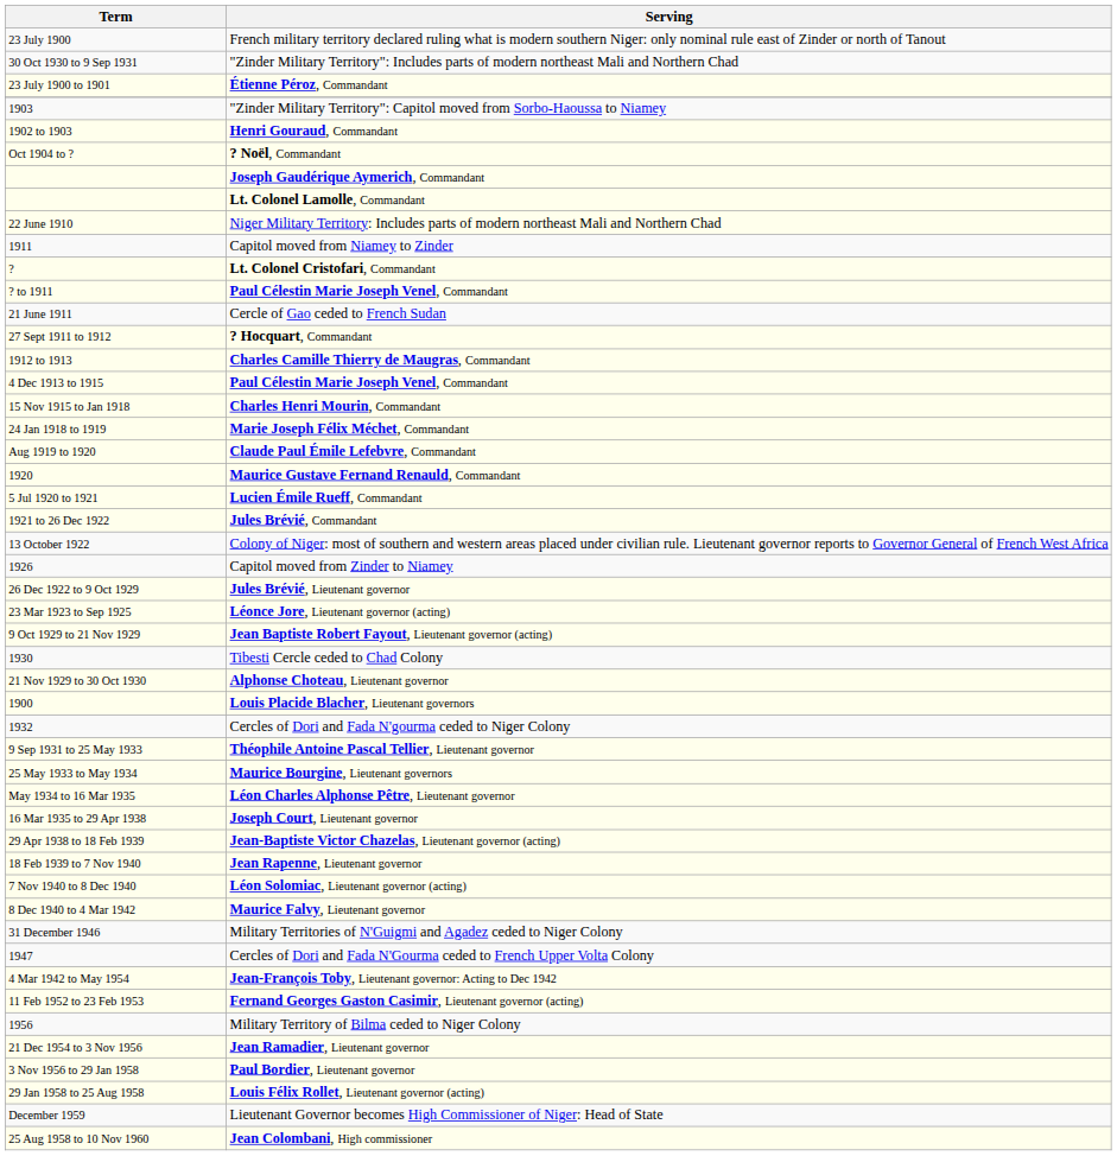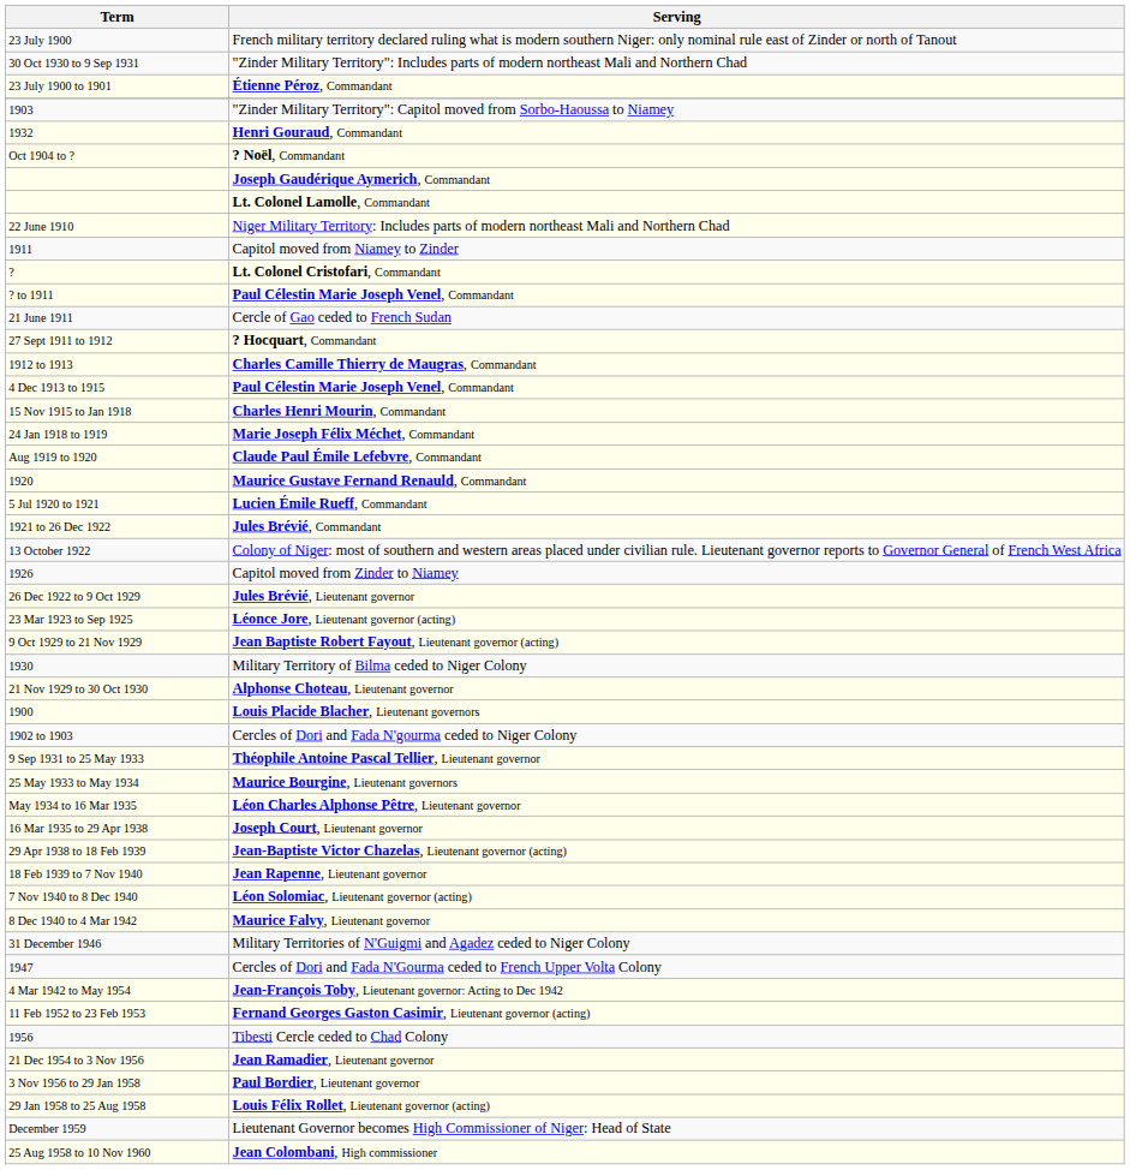 <table class="wikitable">
 <tr align=left>
 <th width="20%">Term</th>
 <th width="80%">Serving</th>
 </tr>
 <tr valign=top>
 <td><small>23 July 1900</small></td>
 <td colspan="1">French military territory declared ruling what is modern southern Niger: only nominal rule east of Zinder or north of Tanout</td>
 </tr>
 <tr valign=top>
 <td><small>30 Oct 1930 to 9 Sep 1931</small></td>
 <td colspan="1">"Zinder Military Territory": Includes parts of modern northeast Mali and Northern Chad</td>
 </tr>
 <tr valign=top bgcolor="#ffffec">
 <td><small>23 July 1900 to 1901</small></td>
 <td><strong><a href='#'>Étienne Péroz</a></strong>, <small>Commandant</small></td>
 </tr>
 <tr valign=top bgcolor="#ffffec">
 </tr>
 <tr valign=top>
 <td><small>1903</small></td>
 <td colspan="1">"Zinder Military Territory": Capitol moved from <a href='#'>Sorbo-Haoussa</a> to <a href='#'>Niamey</a></td>
 </tr>
 <tr valign=top bgcolor="#ffffec">
-<td><small>1902 to 1903</small></td>
+<td><small>1932</small></td>
 <td><strong><a href='#'>Henri Gouraud</a></strong>, <small>Commandant</small></td>
 </tr>
 <tr valign=top bgcolor="#ffffec">
 <td><small>Oct 1904 to ?</small></td>
 <td><strong>? Noël</strong>, <small>Commandant</small></td>
 </tr>
 <tr valign=top bgcolor="#ffffec">
 <td><small></small></td>
 <td><strong><a href='#'>Joseph Gaudérique Aymerich</a></strong>, <small>Commandant</small></td>
 </tr>
 <tr valign=top bgcolor="#ffffec">
 <td><small></small></td>
 <td><strong>Lt. Colonel Lamolle</strong>, <small>Commandant</small></td>
 </tr>
 <tr valign=top bgcolor="#ffffec">
 <td><small>22 June 1910</small></td>
 <td colspan="1"><a href='#'>Niger Military Territory</a>: Includes parts of modern northeast Mali and Northern Chad</td>
 </tr>
 <tr valign=top>
 <td><small>1911</small></td>
 <td colspan="1">Capitol moved from <a href='#'>Niamey</a> to <a href='#'>Zinder</a></td>
 </tr>
 <tr valign=top bgcolor="#ffffec">
 <td><small>?</small></td>
 <td><strong>Lt. Colonel Cristofari</strong>, <small>Commandant</small></td>
 </tr>
 <tr valign=top bgcolor="#ffffec">
 <td><small>? to 1911</small></td>
 <td><strong><a href='#'>Paul Célestin Marie Joseph Venel</a></strong>, <small>Commandant</small></td>
 </tr>
 <tr valign=top>
 <td><small>21 June 1911</small></td>
 <td colspan="1">Cercle of <a href='#'>Gao</a> ceded to <a href='#'>French Sudan</a></td>
 </tr>
 <tr valign=top bgcolor="#ffffec">
 <td><small>27 Sept 1911 to 1912</small></td>
 <td><strong>? Hocquart</strong>, <small>Commandant</small></td>
 </tr>
 <tr valign=top bgcolor="#ffffec">
 <td><small>1912 to 1913</small></td>
 <td><strong><a href='#'>Charles Camille Thierry de Maugras</a></strong>, <small>Commandant</small></td>
 </tr>
 <tr valign=top bgcolor="#ffffec">
 <td><small>4 Dec 1913 to 1915</small></td>
 <td><strong><a href='#'>Paul Célestin Marie Joseph Venel</a></strong>, <small>Commandant</small></td>
 </tr>
 <tr valign=top bgcolor="#ffffec">
 <td><small>15 Nov 1915 to Jan 1918</small></td>
 <td><strong><a href='#'>Charles Henri Mourin</a></strong>, <small>Commandant</small></td>
 </tr>
 <tr valign=top bgcolor="#ffffec">
 <td><small>24 Jan 1918 to 1919</small></td>
 <td><strong><a href='#'>Marie Joseph Félix Méchet</a></strong>, <small>Commandant</small></td>
 </tr>
 <tr valign=top bgcolor="#ffffec">
 <td><small>Aug 1919 to 1920</small></td>
 <td><strong><a href='#'>Claude Paul Émile Lefebvre</a></strong>, <small>Commandant</small></td>
 </tr>
 <tr valign=top bgcolor="#ffffec">
 <td><small>1920</small></td>
 <td><strong><a href='#'>Maurice Gustave Fernand Renauld</a></strong>, <small>Commandant</small></td>
 </tr>
 <tr valign=top bgcolor="#ffffec">
 <td><small>5 Jul 1920 to 1921</small></td>
 <td><strong><a href='#'>Lucien Émile Rueff</a></strong>, <small>Commandant</small></td>
 </tr>
 <tr valign=top bgcolor="#ffffec">
 <td><small>1921 to 26 Dec 1922</small></td>
 <td><strong><a href='#'>Jules Brévié</a></strong>, <small>Commandant</small></td>
 </tr>
 <tr valign=top>
 <td><small>13 October 1922</small></td>
 <td colspan="1"><a href='#'>Colony of Niger</a>: most of southern and western areas placed under civilian rule. Lieutenant governor reports to <a href='#'>Governor General</a> of <a href='#'>French West Africa</a></td>
 </tr>
 <tr valign=top>
 <td><small>1926</small></td>
 <td colspan="1">Capitol moved from <a href='#'>Zinder</a> to <a href='#'>Niamey</a></td>
 </tr>
 <tr valign=top bgcolor="#ffffec">
 <td><small>26 Dec 1922 to 9 Oct 1929</small></td>
 <td><strong><a href='#'>Jules Brévié</a></strong>, <small>Lieutenant governor</small></td>
 </tr>
 <tr valign=top bgcolor="#ffffec">
 <td><small>23 Mar 1923 to Sep 1925</small></td>
 <td><strong><a href='#'>Léonce Jore</a></strong>, <small>Lieutenant governor (acting)</small></td>
 </tr>
 <tr valign=top bgcolor="#ffffec">
 <td><small>9 Oct 1929 to 21 Nov 1929</small></td>
 <td><strong><a href='#'>Jean Baptiste Robert Fayout</a></strong>, <small>Lieutenant governor (acting)</small></td>
 </tr>
 <tr valign=top>
 <td><small>1930</small></td>
-<td colspan="1"><a href='#'>Tibesti</a> Cercle ceded to <a href='#'>Chad</a> Colony</td>
+<td colspan="1">Military Territory of <a href='#'>Bilma</a> ceded to Niger Colony</td>
 </tr>
 <tr valign=top bgcolor="#ffffec">
 <td><small>21 Nov 1929 to 30 Oct 1930</small></td>
 <td><strong><a href='#'>Alphonse Choteau</a></strong>, <small>Lieutenant governor</small></td>
 </tr>
 <tr valign=top bgcolor="#ffffec">
 <td><small>1900</small></td>
 <td><strong><a href='#'>Louis Placide Blacher</a></strong>, <small>Lieutenant governors</small></td>
 </tr>
 <tr valign=top>
-<td><small>1932</small></td>
+<td><small>1902 to 1903</small></td>
 <td colspan="1">Cercles of <a href='#'>Dori</a> and <a href='#'>Fada N'gourma</a> ceded to Niger Colony</td>
 </tr>
 <tr valign=top bgcolor="#ffffec">
 <td><small>9 Sep 1931 to 25 May 1933</small></td>
 <td><strong><a href='#'>Théophile Antoine Pascal Tellier</a></strong>, <small>Lieutenant governor</small></td>
 </tr>
 <tr valign=top bgcolor="#ffffec">
 <td><small>25 May 1933 to May 1934</small></td>
 <td><strong><a href='#'>Maurice Bourgine</a></strong>, <small>Lieutenant governors</small></td>
 </tr>
 <tr valign=top bgcolor="#ffffec">
 <td><small>May 1934 to 16 Mar 1935</small></td>
 <td><strong><a href='#'>Léon Charles Alphonse Pêtre</a></strong>, <small>Lieutenant governor</small></td>
 </tr>
 <tr valign=top bgcolor="#ffffec">
 <td><small>16 Mar 1935 to 29 Apr 1938</small></td>
 <td><strong><a href='#'>Joseph Court</a></strong>, <small>Lieutenant governor</small></td>
 </tr>
 <tr valign=top bgcolor="#ffffec">
 <td><small>29 Apr 1938 to 18 Feb 1939</small></td>
 <td><strong><a href='#'>Jean-Baptiste Victor Chazelas</a></strong>, <small>Lieutenant governor (acting)</small></td>
 </tr>
 <tr valign=top bgcolor="#ffffec">
 <td><small>18 Feb 1939 to 7 Nov 1940</small></td>
 <td><strong><a href='#'>Jean Rapenne</a></strong>, <small>Lieutenant governor</small></td>
 </tr>
 <tr valign=top bgcolor="#ffffec">
 <td><small>7 Nov 1940 to 8 Dec 1940</small></td>
 <td><strong><a href='#'>Léon Solomiac</a></strong>, <small>Lieutenant governor (acting)</small></td>
 </tr>
 <tr valign=top bgcolor="#ffffec">
 <td><small>8 Dec 1940 to 4 Mar 1942</small></td>
 <td><strong><a href='#'>Maurice Falvy</a></strong>, <small>Lieutenant governor</small></td>
 </tr>
 <tr valign=top>
 <td><small>31 December 1946</small></td>
 <td colspan="1">Military Territories of <a href='#'>N'Guigmi</a> and <a href='#'>Agadez</a> ceded to Niger Colony</td>
 </tr>
 <tr valign=top>
 <td><small>1947</small></td>
 <td colspan="1">Cercles of <a href='#'>Dori</a> and <a href='#'>Fada N'Gourma</a> ceded to <a href='#'>French Upper Volta</a> Colony</td>
 </tr>
 <tr valign=top bgcolor="#ffffec">
 <td><small>4 Mar 1942 to May 1954</small></td>
 <td><strong><a href='#'>Jean-François Toby</a></strong>, <small>Lieutenant governor: Acting to Dec 1942</small></td>
 </tr>
 <tr valign=top bgcolor="#ffffec">
 <td><small>11 Feb 1952 to 23 Feb 1953</small></td>
 <td><strong><a href='#'>Fernand Georges Gaston Casimir</a></strong>, <small>Lieutenant governor (acting)</small></td>
 </tr>
 <tr valign=top>
 <td><small>1956</small></td>
-<td colspan="1">Military Territory of <a href='#'>Bilma</a> ceded to Niger Colony</td>
+<td colspan="1"><a href='#'>Tibesti</a> Cercle ceded to <a href='#'>Chad</a> Colony</td>
 </tr>
 <tr valign=top bgcolor="#ffffec">
 <td><small>21 Dec 1954 to 3 Nov 1956</small></td>
 <td><strong><a href='#'>Jean Ramadier</a></strong>, <small>Lieutenant governor</small></td>
 </tr>
 <tr valign=top bgcolor="#ffffec">
 <td><small>3 Nov 1956 to 29 Jan 1958</small></td>
 <td><strong><a href='#'>Paul Bordier</a></strong>, <small>Lieutenant governor</small></td>
 </tr>
 <tr valign=top bgcolor="#ffffec">
 <td><small>29 Jan 1958 to 25 Aug 1958</small></td>
 <td><strong><a href='#'>Louis Félix Rollet</a></strong>, <small>Lieutenant governor (acting)</small></td>
 </tr>
 <tr valign=top>
 <td><small>December 1959</small></td>
 <td colspan="1">Lieutenant Governor becomes <a href='#'>High Commissioner of Niger</a>: Head of State</td>
 </tr>
 <tr valign=top bgcolor="#ffffec">
 <td><small>25 Aug 1958 to 10 Nov 1960</small></td>
 <td><strong><a href='#'>Jean Colombani</a></strong>, <small>High commissioner</small></td>
 </tr>
 </table>
